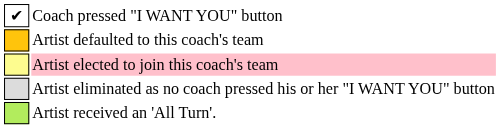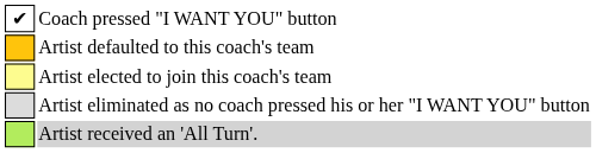 <table class="toccolours" style="font-size: 100%">
 <tr>
 <td style="background:white; border: 1px solid black"> ✔ </td>
 <td>Coach pressed "I WANT YOU" button</td>
 </tr>
 <tr>
 <td style="background:#FFC40C; border: 1px solid black">    </td>
 <td>Artist defaulted to this coach's team</td>
 </tr>
 <tr>
 <td style="background:#fdfc8f; border: 1px solid black">    </td>
-<td style="background: pink;">Artist elected to join this coach's team</td>
+<td>Artist elected to join this coach's team</td>
 </tr>
 <tr>
 <td style="background:#DCDCDC; border: 1px solid black">    </td>
 <td>Artist eliminated as no coach pressed his or her "I WANT YOU" button</td>
 </tr>
 <tr>
 <td style="background-color:#B2EC5D; border: 1px solid black">    </td>
-<td>Artist received an 'All Turn'.</td>
+<td style="background: lightgrey;">Artist received an 'All Turn'.</td>
 </tr>
 </table>
